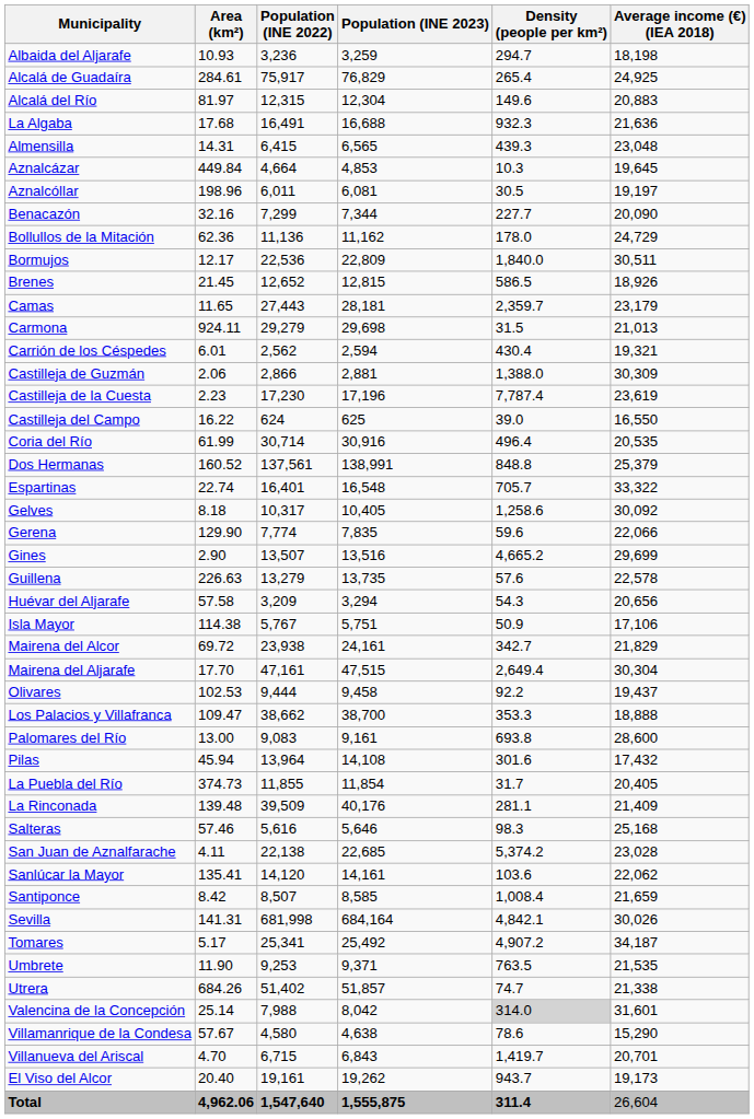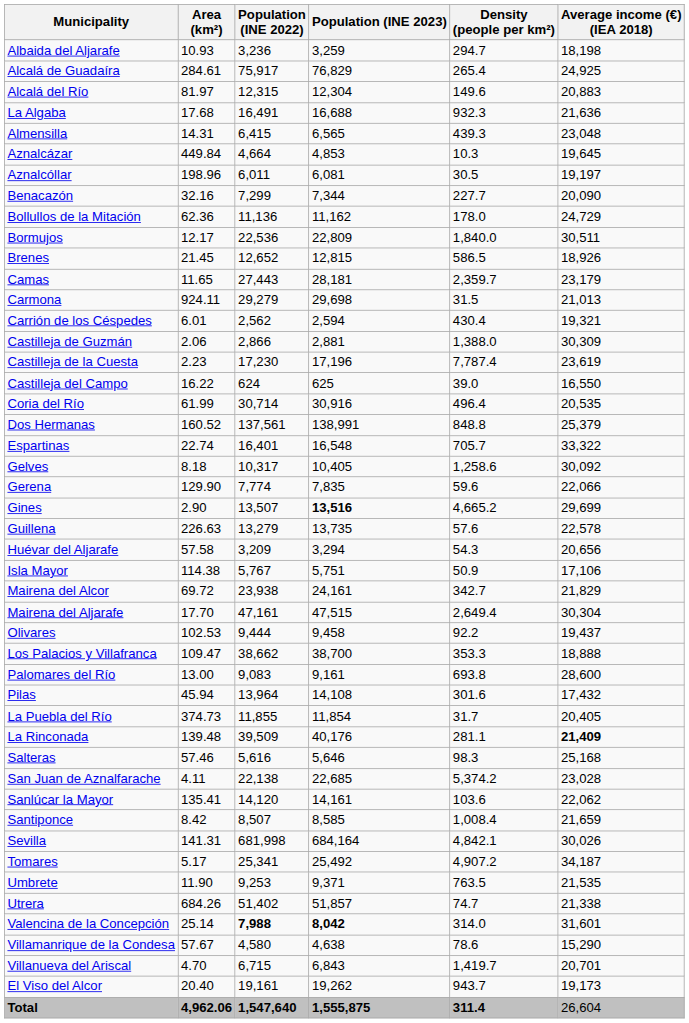 <table class="wikitable sortable col1izq col2der col3der col4der col5der" border="1">
 <tr bgcolor=silver>
 <th style="text-align:center;"><strong>Municipality</strong></th>
 <th style="text-align:center;"><strong>Area</strong><br>(km²)</th>
 <th style="text-align:center;"><strong>Population</strong><br>(INE 2022)</th>
 <th><strong>Population</strong> (INE 2023)</th>
 <th style="text-align:center;"><strong>Density</strong><br>(people per km²)</th>
 <th style="text-align:center;"><strong>Average income (€)</strong><br>(IEA 2018)</th>
 </tr>
 <tr>
 <td><a href='#'>Albaida del Aljarafe</a></td>
 <td>10.93</td>
 <td>3,236</td>
 <td>3,259</td>
 <td>294.7</td>
 <td>18,198</td>
 </tr>
 <tr>
 <td><a href='#'>Alcalá de Guadaíra</a></td>
 <td>284.61</td>
 <td>75,917</td>
 <td>76,829</td>
 <td>265.4</td>
 <td>24,925</td>
 </tr>
 <tr>
 <td><a href='#'>Alcalá del Río</a></td>
 <td>81.97</td>
 <td>12,315</td>
 <td>12,304</td>
 <td>149.6</td>
 <td>20,883</td>
 </tr>
 <tr>
 <td><a href='#'>La Algaba</a></td>
 <td>17.68</td>
 <td>16,491</td>
 <td>16,688</td>
 <td>932.3</td>
 <td>21,636</td>
 </tr>
 <tr>
 <td><a href='#'>Almensilla</a></td>
 <td>14.31</td>
 <td>6,415</td>
 <td>6,565</td>
 <td>439.3</td>
 <td>23,048</td>
 </tr>
 <tr>
 <td><a href='#'>Aznalcázar</a></td>
 <td>449.84</td>
 <td>4,664</td>
 <td>4,853</td>
 <td>10.3</td>
 <td>19,645</td>
 </tr>
 <tr>
 <td><a href='#'>Aznalcóllar</a></td>
 <td>198.96</td>
 <td>6,011</td>
 <td>6,081</td>
 <td>30.5</td>
 <td>19,197</td>
 </tr>
 <tr>
 <td><a href='#'>Benacazón</a></td>
 <td>32.16</td>
 <td>7,299</td>
 <td>7,344</td>
 <td>227.7</td>
 <td>20,090</td>
 </tr>
 <tr>
 <td><a href='#'>Bollullos de la Mitación</a></td>
 <td>62.36</td>
 <td>11,136</td>
 <td>11,162</td>
 <td>178.0</td>
 <td>24,729</td>
 </tr>
 <tr>
 <td><a href='#'>Bormujos</a></td>
 <td>12.17</td>
 <td>22,536</td>
 <td>22,809</td>
 <td>1,840.0</td>
 <td>30,511</td>
 </tr>
 <tr>
 <td><a href='#'>Brenes</a></td>
 <td>21.45</td>
 <td>12,652</td>
 <td>12,815</td>
 <td>586.5</td>
 <td>18,926</td>
 </tr>
 <tr>
 <td><a href='#'>Camas</a></td>
 <td>11.65</td>
 <td>27,443</td>
 <td>28,181</td>
 <td>2,359.7</td>
 <td>23,179</td>
 </tr>
 <tr>
 <td><a href='#'>Carmona</a></td>
 <td>924.11</td>
 <td>29,279</td>
 <td>29,698</td>
 <td>31.5</td>
 <td>21,013</td>
 </tr>
 <tr>
 <td><a href='#'>Carrión de los Céspedes</a></td>
 <td>6.01</td>
 <td>2,562</td>
 <td>2,594</td>
 <td>430.4</td>
 <td>19,321</td>
 </tr>
 <tr>
 <td><a href='#'>Castilleja de Guzmán</a></td>
 <td>2.06</td>
 <td>2,866</td>
 <td>2,881</td>
 <td>1,388.0</td>
 <td>30,309</td>
 </tr>
 <tr>
 <td><a href='#'>Castilleja de la Cuesta</a></td>
 <td>2.23</td>
 <td>17,230</td>
 <td>17,196</td>
 <td>7,787.4</td>
 <td>23,619</td>
 </tr>
 <tr>
 <td><a href='#'>Castilleja del Campo</a></td>
 <td>16.22</td>
 <td>624</td>
 <td>625</td>
 <td>39.0</td>
 <td>16,550</td>
 </tr>
 <tr>
 <td><a href='#'>Coria del Río</a></td>
 <td>61.99</td>
 <td>30,714</td>
 <td>30,916</td>
 <td>496.4</td>
 <td>20,535</td>
 </tr>
 <tr>
 <td><a href='#'>Dos Hermanas</a></td>
 <td>160.52</td>
 <td>137,561</td>
 <td>138,991</td>
 <td>848.8</td>
 <td>25,379</td>
 </tr>
 <tr>
 <td><a href='#'>Espartinas</a></td>
 <td>22.74</td>
 <td>16,401</td>
 <td>16,548</td>
 <td>705.7</td>
 <td>33,322</td>
 </tr>
 <tr>
 <td><a href='#'>Gelves</a></td>
 <td>8.18</td>
 <td>10,317</td>
 <td>10,405</td>
 <td>1,258.6</td>
 <td>30,092</td>
 </tr>
 <tr>
 <td><a href='#'>Gerena</a></td>
 <td>129.90</td>
 <td>7,774</td>
 <td>7,835</td>
 <td>59.6</td>
 <td>22,066</td>
 </tr>
 <tr>
 <td><a href='#'>Gines</a></td>
 <td>2.90</td>
 <td>13,507</td>
-<td>13,516</td>
+<td><strong>13,516</strong></td>
 <td>4,665.2</td>
 <td>29,699</td>
 </tr>
 <tr>
 <td><a href='#'>Guillena</a></td>
 <td>226.63</td>
 <td>13,279</td>
 <td>13,735</td>
 <td>57.6</td>
 <td>22,578</td>
 </tr>
 <tr>
 <td><a href='#'>Huévar del Aljarafe</a></td>
 <td>57.58</td>
 <td>3,209</td>
 <td>3,294</td>
 <td>54.3</td>
 <td>20,656</td>
 </tr>
 <tr>
 <td><a href='#'>Isla Mayor</a></td>
 <td>114.38</td>
 <td>5,767</td>
 <td>5,751</td>
 <td>50.9</td>
 <td>17,106</td>
 </tr>
 <tr>
 <td><a href='#'>Mairena del Alcor</a></td>
 <td>69.72</td>
 <td>23,938</td>
 <td>24,161</td>
 <td>342.7</td>
 <td>21,829</td>
 </tr>
 <tr>
 <td><a href='#'>Mairena del Aljarafe</a></td>
 <td>17.70</td>
 <td>47,161</td>
 <td>47,515</td>
 <td>2,649.4</td>
 <td>30,304</td>
 </tr>
 <tr>
 <td><a href='#'>Olivares</a></td>
 <td>102.53</td>
 <td>9,444</td>
 <td>9,458</td>
 <td>92.2</td>
 <td>19,437</td>
 </tr>
 <tr>
 <td><a href='#'>Los Palacios y Villafranca</a></td>
 <td>109.47</td>
 <td>38,662</td>
 <td>38,700</td>
 <td>353.3</td>
 <td>18,888</td>
 </tr>
 <tr>
 <td><a href='#'>Palomares del Río</a></td>
 <td>13.00</td>
 <td>9,083</td>
 <td>9,161</td>
 <td>693.8</td>
 <td>28,600</td>
 </tr>
 <tr>
 <td><a href='#'>Pilas</a></td>
 <td>45.94</td>
 <td>13,964</td>
 <td>14,108</td>
 <td>301.6</td>
 <td>17,432</td>
 </tr>
 <tr>
 <td><a href='#'>La Puebla del Río</a></td>
 <td>374.73</td>
 <td>11,855</td>
 <td>11,854</td>
 <td>31.7</td>
 <td>20,405</td>
 </tr>
 <tr>
 <td><a href='#'>La Rinconada</a></td>
 <td>139.48</td>
 <td>39,509</td>
 <td>40,176</td>
 <td>281.1</td>
-<td>21,409</td>
+<td><strong>21,409</strong></td>
 </tr>
 <tr>
 <td><a href='#'>Salteras</a></td>
 <td>57.46</td>
 <td>5,616</td>
 <td>5,646</td>
 <td>98.3</td>
 <td>25,168</td>
 </tr>
 <tr>
 <td><a href='#'>San Juan de Aznalfarache</a></td>
 <td>4.11</td>
 <td>22,138</td>
 <td>22,685</td>
 <td>5,374.2</td>
 <td>23,028</td>
 </tr>
 <tr>
 <td><a href='#'>Sanlúcar la Mayor</a></td>
 <td>135.41</td>
 <td>14,120</td>
 <td>14,161</td>
 <td>103.6</td>
 <td>22,062</td>
 </tr>
 <tr>
 <td><a href='#'>Santiponce</a></td>
 <td>8.42</td>
 <td>8,507</td>
 <td>8,585</td>
 <td>1,008.4</td>
 <td>21,659</td>
 </tr>
 <tr>
 <td><a href='#'>Sevilla</a></td>
 <td>141.31</td>
 <td>681,998</td>
 <td>684,164</td>
 <td>4,842.1</td>
 <td>30,026</td>
 </tr>
 <tr>
 <td><a href='#'>Tomares</a></td>
 <td>5.17</td>
 <td>25,341</td>
 <td>25,492</td>
 <td>4,907.2</td>
 <td>34,187</td>
 </tr>
 <tr>
 <td><a href='#'>Umbrete</a></td>
 <td>11.90</td>
 <td>9,253</td>
 <td>9,371</td>
 <td>763.5</td>
 <td>21,535</td>
 </tr>
 <tr>
 <td><a href='#'>Utrera</a></td>
 <td>684.26</td>
 <td>51,402</td>
 <td>51,857</td>
 <td>74.7</td>
 <td>21,338</td>
 </tr>
 <tr>
 <td><a href='#'>Valencina de la Concepción</a></td>
 <td>25.14</td>
-<td>7,988</td>
-<td>8,042</td>
-<td style="background: lightgrey;">314.0</td>
+<td><strong>7,988</strong></td>
+<td><strong>8,042</strong></td>
+<td>314.0</td>
 <td>31,601</td>
 </tr>
 <tr>
 <td><a href='#'>Villamanrique de la Condesa</a></td>
 <td>57.67</td>
 <td>4,580</td>
 <td>4,638</td>
 <td>78.6</td>
 <td>15,290</td>
 </tr>
 <tr>
 <td><a href='#'>Villanueva del Ariscal</a></td>
 <td>4.70</td>
 <td>6,715</td>
 <td>6,843</td>
 <td>1,419.7</td>
 <td>20,701</td>
 </tr>
 <tr>
 <td><a href='#'>El Viso del Alcor</a></td>
 <td>20.40</td>
 <td>19,161</td>
 <td>19,262</td>
 <td>943.7</td>
 <td>19,173</td>
 </tr>
 <tr bgcolor=silver>
 <td><strong>Total</strong></td>
 <td><strong>4,962.06</strong></td>
 <td><strong>1,547,640</strong></td>
 <td><strong>1,555,875</strong></td>
 <td><strong>311.4</strong></td>
 <td>26,604</td>
 </tr>
 </table>
